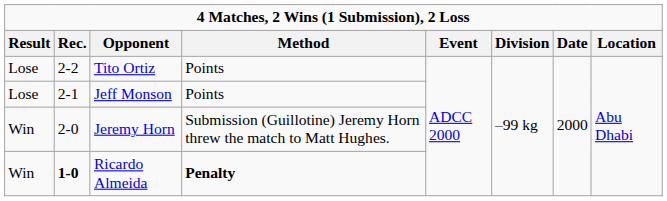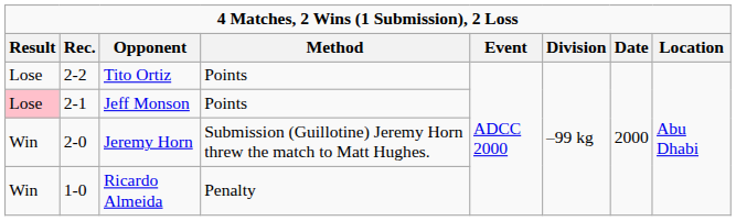 <table class="wikitable sortable" style="font-size:90%; text-align:left;">
 <tr>
 <td colspan="8" style="text-align:center;"><strong>4 Matches, 2 Wins (1 Submission), 2 Loss</strong></td>
 </tr>
 <tr>
 <th>Result</th>
 <th>Rec.</th>
 <th>Opponent</th>
 <th>Method</th>
 <th text-center>Event</th>
 <th>Division</th>
 <th>Date</th>
 <th>Location</th>
 </tr>
 <tr>
 <td>Lose</td>
 <td>2-2</td>
 <td> <a href='#'>Tito Ortiz</a></td>
 <td>Points</td>
 <td rowspan="4"><a href='#'>ADCC 2000</a></td>
 <td rowspan="4">–99 kg</td>
 <td rowspan="4">2000</td>
 <td rowspan="4"> <a href='#'>Abu Dhabi</a></td>
 </tr>
 <tr>
-<td>Lose</td>
+<td style="background: pink;">Lose</td>
 <td>2-1</td>
 <td> <a href='#'>Jeff Monson</a></td>
 <td>Points</td>
 </tr>
 <tr>
 <td>Win</td>
 <td>2-0</td>
 <td> <a href='#'>Jeremy Horn</a></td>
 <td>Submission (Guillotine) Jeremy Horn threw the match to Matt Hughes.</td>
 </tr>
 <tr>
 <td>Win</td>
-<td><strong>1-0</strong></td>
+<td>1-0</td>
 <td> <a href='#'>Ricardo Almeida</a></td>
-<td><strong>Penalty</strong></td>
+<td>Penalty</td>
 </tr>
 </table>
